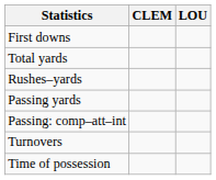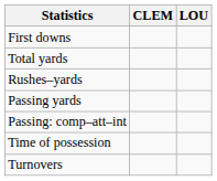 <table class="wikitable" style="float:left">
 <tr>
 <th>Statistics</th>
 <th>CLEM</th>
 <th>LOU</th>
 </tr>
 <tr>
 <td>First downs</td>
 <td></td>
 <td></td>
 </tr>
 <tr>
 <td>Total yards</td>
 <td></td>
 <td></td>
 </tr>
 <tr>
 <td>Rushes–yards</td>
 <td></td>
 <td></td>
 </tr>
 <tr>
 <td>Passing yards</td>
 <td></td>
 <td></td>
 </tr>
 <tr>
 <td>Passing: comp–att–int</td>
 <td></td>
 <td></td>
 </tr>
 <tr>
+<td>Time of possession</td>
+<td></td>
+<td></td>
+</tr>
+<tr>
 <td>Turnovers</td>
 <td></td>
 <td></td>
 </tr>
-<tr>
-<td>Time of possession</td>
-<td></td>
-<td></td>
-</tr>
 </table>
